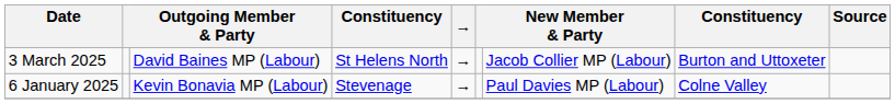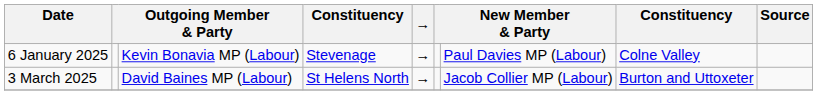 <table class="wikitable">
 <tr>
 <th valign="top">Date</th>
 <th colspan="2" valign="top">Outgoing Member<br>& Party</th>
 <th valign="top">Constituency</th>
 <th>→</th>
 <th colspan="2" valign="top">New Member<br>& Party</th>
 <th valign="top">Constituency</th>
 <th valign="top">Source</th>
+</tr>
+<tr>
+<td nowrap>6 January 2025</td>
+<td style="color:inherit;background:"></td>
+<td><a href='#'>Kevin Bonavia</a> MP (<a href='#'>Labour</a>)</td>
+<td><a href='#'>Stevenage</a></td>
+<td>→</td>
+<td style="color:inherit;background:"></td>
+<td><a href='#'>Paul Davies</a> MP (<a href='#'>Labour</a>)</td>
+<td><a href='#'>Colne Valley</a></td>
+<td></td>
 </tr>
 <tr>
 <td nowrap>3 March 2025</td>
 <td style="color:inherit;background:"></td>
 <td><a href='#'>David Baines</a> MP (<a href='#'>Labour</a>)</td>
 <td><a href='#'>St Helens North</a></td>
 <td>→</td>
 <td style="color:inherit;background:"></td>
 <td><a href='#'>Jacob Collier</a> MP (<a href='#'>Labour</a>)</td>
 <td><a href='#'>Burton and Uttoxeter</a></td>
 <td></td>
 </tr>
 <tr>
-<td nowrap>6 January 2025</td>
-<td style="color:inherit;background:"></td>
-<td><a href='#'>Kevin Bonavia</a> MP (<a href='#'>Labour</a>)</td>
-<td><a href='#'>Stevenage</a></td>
-<td>→</td>
-<td style="color:inherit;background:"></td>
-<td><a href='#'>Paul Davies</a> MP (<a href='#'>Labour</a>)</td>
-<td><a href='#'>Colne Valley</a></td>
-<td></td>
-</tr>
-<tr>
 </tr>
 </table>
